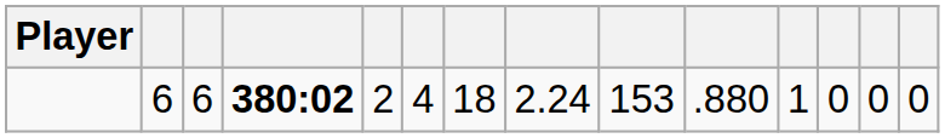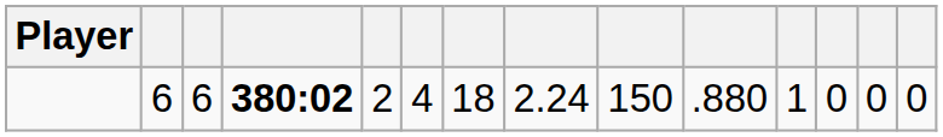 <table class="wikitable sortable" style="text-align:center;">
 <tr>
 <th>Player</th>
 <th></th>
 <th></th>
 <th></th>
 <th></th>
 <th></th>
 <th></th>
 <th></th>
 <th></th>
 <th></th>
 <th></th>
 <th></th>
 <th></th>
 <th></th>
 </tr>
 <tr>
 <td></td>
 <td>6</td>
 <td>6</td>
 <td><strong>380:02</strong></td>
 <td>2</td>
 <td>4</td>
 <td>18</td>
 <td>2.24</td>
-<td>153</td>
+<td>150</td>
 <td>.880</td>
 <td>1</td>
 <td>0</td>
 <td>0</td>
 <td>0</td>
 </tr>
 </table>
